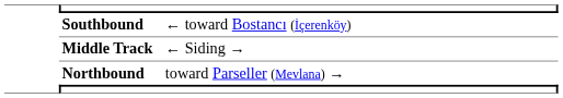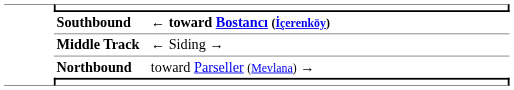 <table cellspacing=0 cellpadding=3>
 <tr>
 <td style="border-top:solid 1px gray;border-bottom:solid 1px gray;vertical-align:top;" width=50 rowspan=5></td>
 <td style="border-top:solid 1px gray;border-right:solid 2px black;border-left:solid 2px black;border-bottom:solid 2px black;text-align:center;" colspan=2></td>
 </tr>
 <tr>
 <td style="border-bottom:solid 1px gray;" width=100><strong>Southbound</strong></td>
-<td style="border-bottom:solid 1px gray;" width=400>←  toward <a href='#'>Bostancı</a> <small>(<a href='#'>İçerenköy</a>)</small></td>
+<td style="border-bottom:solid 1px gray;" width=400><strong>←  toward <a href='#'>Bostancı</a> <small>(<a href='#'>İçerenköy</a>)</small></strong></td>
 </tr>
 <tr>
 <td style="border-bottom:solid 1px gray;" width=100><strong>Middle Track</strong></td>
 <td style="border-bottom:solid 1px gray;" width=100>←  Siding →</td>
 </tr>
 <tr>
 <td><strong>Northbound</strong></td>
 <td> toward <a href='#'>Parseller</a> <small>(<a href='#'>Mevlana</a>)</small> →</td>
 </tr>
 <tr>
 <td style="border-bottom:solid 1px gray;border-top:solid 2px black;border-right:solid 2px black;border-left:solid 2px black;text-align:center;" colspan=2></td>
 </tr>
 </table>
